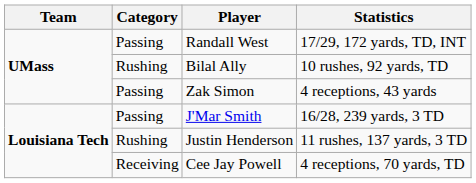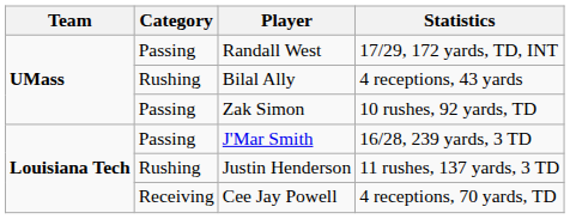 <table class="wikitable" style="float: left;">
 <tr>
 <th>Team</th>
 <th>Category</th>
 <th>Player</th>
 <th>Statistics</th>
 </tr>
 <tr>
 <td rowspan=3><strong>UMass</strong></td>
 <td>Passing</td>
 <td>Randall West</td>
 <td>17/29, 172 yards, TD, INT</td>
 </tr>
 <tr>
 <td>Rushing</td>
 <td>Bilal Ally</td>
-<td>10 rushes, 92 yards, TD</td>
+<td>4 receptions, 43 yards</td>
 </tr>
 <tr>
 <td>Passing</td>
 <td>Zak Simon</td>
-<td>4 receptions, 43 yards</td>
+<td>10 rushes, 92 yards, TD</td>
 </tr>
 <tr>
 <td rowspan=3><strong>Louisiana Tech</strong></td>
 <td>Passing</td>
 <td><a href='#'>J'Mar Smith</a></td>
 <td>16/28, 239 yards, 3 TD</td>
 </tr>
 <tr>
 <td>Rushing</td>
 <td>Justin Henderson</td>
 <td>11 rushes, 137 yards, 3 TD</td>
 </tr>
 <tr>
 <td>Receiving</td>
 <td>Cee Jay Powell</td>
 <td>4 receptions, 70 yards, TD</td>
 </tr>
 </table>
